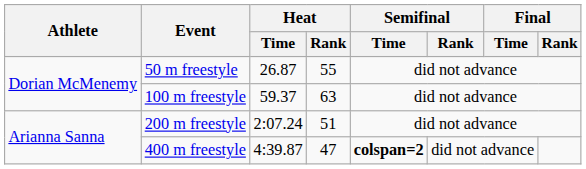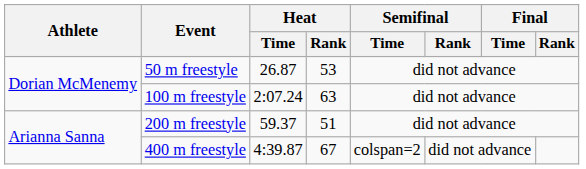 <table class=wikitable style="font-size:90%">
 <tr>
 <th rowspan=2>Athlete</th>
 <th rowspan=2>Event</th>
 <th colspan="2">Heat</th>
 <th colspan="2">Semifinal</th>
 <th colspan="2">Final</th>
 </tr>
 <tr style="font-size:95%">
 <th>Time</th>
 <th>Rank</th>
 <th>Time</th>
 <th>Rank</th>
 <th>Time</th>
 <th>Rank</th>
 </tr>
 <tr align=center>
 <td align=left rowspan=2><a href='#'>Dorian McMenemy</a></td>
 <td align=left><a href='#'>50 m freestyle</a></td>
 <td>26.87</td>
-<td>55</td>
+<td>53</td>
 <td colspan=4>did not advance</td>
 </tr>
 <tr align=center>
 <td align=left><a href='#'>100 m freestyle</a></td>
-<td>59.37</td>
+<td>2:07.24</td>
 <td>63</td>
 <td colspan=4>did not advance</td>
 </tr>
 <tr align=center>
 <td align=left rowspan=2><a href='#'>Arianna Sanna</a></td>
 <td align=left><a href='#'>200 m freestyle</a></td>
-<td>2:07.24</td>
+<td>59.37</td>
 <td>51</td>
 <td colspan=4>did not advance</td>
 </tr>
 <tr align=center>
 <td align=left><a href='#'>400 m freestyle</a></td>
 <td>4:39.87</td>
-<td>47</td>
-<td><strong>colspan=2 </strong></td>
+<td>67</td>
+<td>colspan=2 </td>
 <td colspan=2>did not advance</td>
 </tr>
 </table>
